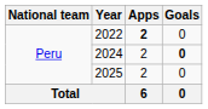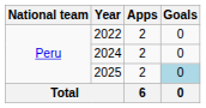 <table class="wikitable" style="text-align:center">
 <tr>
 <th>National team</th>
 <th>Year</th>
 <th>Apps</th>
 <th>Goals</th>
 </tr>
 <tr>
 <td rowspan="3"><a href='#'>Peru</a></td>
 <td>2022</td>
-<td><strong>2</strong></td>
+<td>2</td>
 <td>0</td>
 </tr>
 <tr>
 <td>2024</td>
 <td>2</td>
-<td><strong>0</strong></td>
+<td>0</td>
 </tr>
 <tr>
 <td>2025</td>
 <td>2</td>
-<td>0</td>
+<td style="background: lightblue;">0</td>
 </tr>
 <tr>
 <th colspan="2">Total</th>
 <th>6</th>
 <th>0</th>
 </tr>
 </table>
